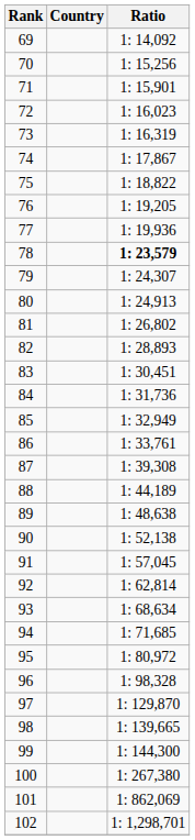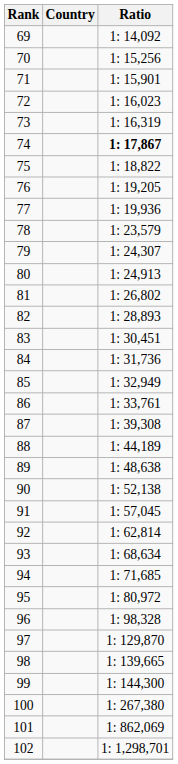 <table class="wikitable" style="text-align:center">
 <tr>
 <th>Rank</th>
 <th>Country</th>
 <th>Ratio</th>
 </tr>
 <tr>
 <td>69</td>
 <td align="left"></td>
 <td>1: 14,092</td>
 </tr>
 <tr>
 <td>70</td>
 <td align="left"></td>
 <td>1: 15,256</td>
 </tr>
 <tr>
 <td>71</td>
 <td align="left"></td>
 <td>1: 15,901</td>
 </tr>
 <tr>
 <td>72</td>
 <td align="left"></td>
 <td>1: 16,023</td>
 </tr>
 <tr>
 <td>73</td>
 <td align="left"></td>
 <td>1: 16,319</td>
 </tr>
 <tr>
 <td>74</td>
 <td align="left"></td>
-<td>1: 17,867</td>
+<td><strong>1: 17,867</strong></td>
 </tr>
 <tr>
 <td>75</td>
 <td align="left"></td>
 <td>1: 18,822</td>
 </tr>
 <tr>
 <td>76</td>
 <td align="left"></td>
 <td>1: 19,205</td>
 </tr>
 <tr>
 <td>77</td>
 <td align="left"></td>
 <td>1: 19,936</td>
 </tr>
 <tr>
 <td>78</td>
 <td align="left"></td>
-<td><strong>1: 23,579</strong></td>
+<td>1: 23,579</td>
 </tr>
 <tr>
 <td>79</td>
 <td align="left"></td>
 <td>1: 24,307</td>
 </tr>
 <tr>
 <td>80</td>
 <td align="left"></td>
 <td>1: 24,913</td>
 </tr>
 <tr>
 <td>81</td>
 <td align="left"></td>
 <td>1: 26,802</td>
 </tr>
 <tr>
 <td>82</td>
 <td align="left"></td>
 <td>1: 28,893</td>
 </tr>
 <tr>
 <td>83</td>
 <td align="left"></td>
 <td>1: 30,451</td>
 </tr>
 <tr>
 <td>84</td>
 <td align="left"></td>
 <td>1: 31,736</td>
 </tr>
 <tr>
 <td>85</td>
 <td align="left"></td>
 <td>1: 32,949</td>
 </tr>
 <tr>
 <td>86</td>
 <td align="left"></td>
 <td>1: 33,761</td>
 </tr>
 <tr>
 <td>87</td>
 <td align="left"></td>
 <td>1: 39,308</td>
 </tr>
 <tr>
 <td>88</td>
 <td align="left"></td>
 <td>1: 44,189</td>
 </tr>
 <tr>
 <td>89</td>
 <td align="left"></td>
 <td>1: 48,638</td>
 </tr>
 <tr>
 <td>90</td>
 <td align="left"></td>
 <td>1: 52,138</td>
 </tr>
 <tr>
 <td>91</td>
 <td align="left"></td>
 <td>1: 57,045</td>
 </tr>
 <tr>
 <td>92</td>
 <td align="left"></td>
 <td>1: 62,814</td>
 </tr>
 <tr>
 <td>93</td>
 <td align="left"></td>
 <td>1: 68,634</td>
 </tr>
 <tr>
 <td>94</td>
 <td align="left"></td>
 <td>1: 71,685</td>
 </tr>
 <tr>
 <td>95</td>
 <td align="left"></td>
 <td>1: 80,972</td>
 </tr>
 <tr>
 <td>96</td>
 <td align="left"></td>
 <td>1: 98,328</td>
 </tr>
 <tr>
 <td>97</td>
 <td align="left"></td>
 <td>1: 129,870</td>
 </tr>
 <tr>
 <td>98</td>
 <td align="left"></td>
 <td>1: 139,665</td>
 </tr>
 <tr>
 <td>99</td>
 <td align="left"></td>
 <td>1: 144,300</td>
 </tr>
 <tr>
 <td>100</td>
 <td align="left"></td>
 <td>1: 267,380</td>
 </tr>
 <tr>
 <td>101</td>
 <td align="left"></td>
 <td>1: 862,069</td>
 </tr>
 <tr>
 <td>102</td>
 <td align="left"></td>
 <td>1: 1,298,701</td>
 </tr>
 <tr>
 </tr>
 </table>
